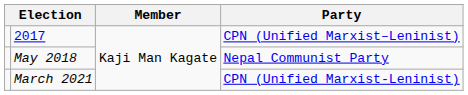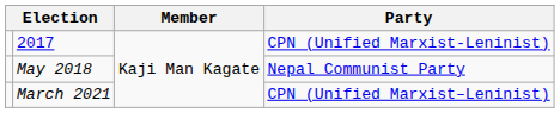 <table class="wikitable">
 <tr>
 <th colspan="2">Election</th>
 <th>Member</th>
 <th>Party</th>
 </tr>
 <tr>
 <td style="background-color:"></td>
 <td><a href='#'>2017</a></td>
 <td rowspan="3">Kaji Man Kagate</td>
-<td><a href='#'>CPN (Unified Marxist–Leninist)</a></td>
+<td><a href='#'>CPN (Unified Marxist-Leninist)</a></td>
 </tr>
 <tr>
 <td style="background-color:"></td>
 <td><em>May 2018</em></td>
 <td><a href='#'>Nepal Communist Party</a></td>
 </tr>
 <tr>
 <td style="background-color:"></td>
 <td><em>March 2021</em></td>
-<td><a href='#'>CPN (Unified Marxist-Leninist)</a></td>
+<td><a href='#'>CPN (Unified Marxist–Leninist)</a></td>
 </tr>
 </table>
